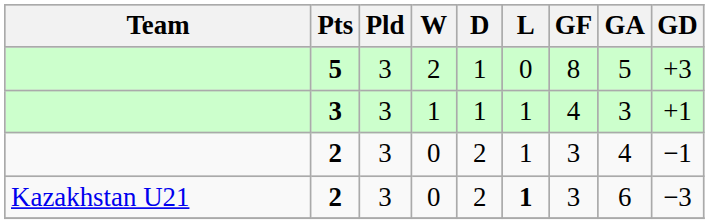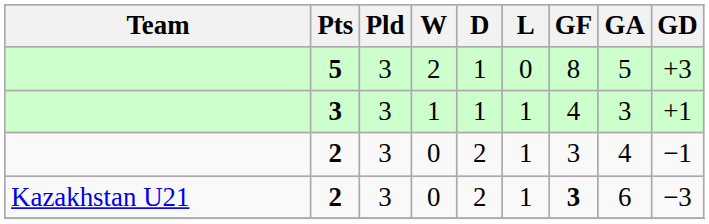 <table class="wikitable" style="text-align:center;">
 <tr>
 <th width=175>Team</th>
 <th width=20 abbr="Points">Pts</th>
 <th width=20 abbr="Played">Pld</th>
 <th width=20 abbr="Won">W</th>
 <th width=20 abbr="Drawn">D</th>
 <th width=20 abbr="Lost">L</th>
 <th width=20 abbr="Goals for">GF</th>
 <th width=20 abbr="Goals against">GA</th>
 <th width=20 abbr="Goal difference">GD</th>
 </tr>
 <tr bgcolor=#CCFFCC>
 <td style="text-align:left;"></td>
 <td><strong>5</strong></td>
 <td>3</td>
 <td>2</td>
 <td>1</td>
 <td>0</td>
 <td>8</td>
 <td>5</td>
 <td>+3</td>
 </tr>
 <tr bgcolor=#CCFFCC>
 <td style="text-align:left;"></td>
 <td><strong>3</strong></td>
 <td>3</td>
 <td>1</td>
 <td>1</td>
 <td>1</td>
 <td>4</td>
 <td>3</td>
 <td>+1</td>
 </tr>
 <tr>
 <td style="text-align:left;"></td>
 <td><strong>2</strong></td>
 <td>3</td>
 <td>0</td>
 <td>2</td>
 <td>1</td>
 <td>3</td>
 <td>4</td>
 <td>−1</td>
 </tr>
 <tr>
 <td style="text-align:left;"> <a href='#'>Kazakhstan U21</a></td>
 <td><strong>2</strong></td>
 <td>3</td>
 <td>0</td>
 <td>2</td>
-<td><strong>1</strong></td>
-<td>3</td>
+<td>1</td>
+<td><strong>3</strong></td>
 <td>6</td>
 <td>−3</td>
 </tr>
 <tr>
 </tr>
 </table>
